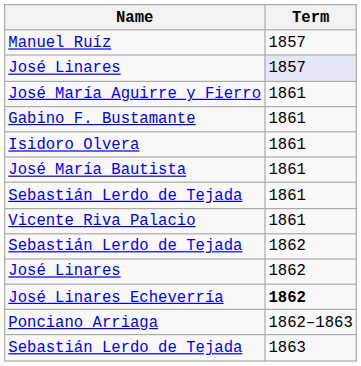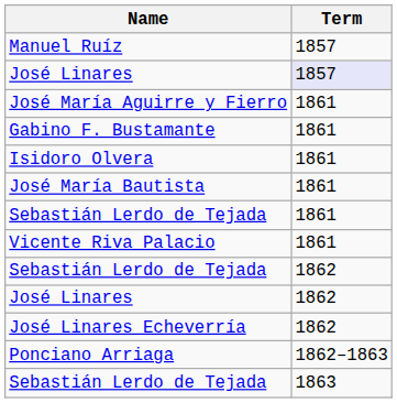 <table class="wikitable">
 <tr>
 <th>Name</th>
 <th>Term</th>
 </tr>
 <tr>
 <td><a href='#'>Manuel Ruíz</a></td>
 <td>1857</td>
 </tr>
 <tr>
 <td><a href='#'>José Linares</a></td>
 <td style="background: lavender;">1857</td>
 </tr>
 <tr>
 <td><a href='#'>José María Aguirre y Fierro</a></td>
 <td>1861</td>
 </tr>
 <tr>
 <td><a href='#'>Gabino F. Bustamante</a></td>
 <td>1861</td>
 </tr>
 <tr>
 <td><a href='#'>Isidoro Olvera</a></td>
 <td>1861</td>
 </tr>
 <tr>
 <td><a href='#'>José María Bautista</a></td>
 <td>1861</td>
 </tr>
 <tr>
 <td><a href='#'>Sebastián Lerdo de Tejada</a></td>
 <td>1861</td>
 </tr>
 <tr>
 <td><a href='#'>Vicente Riva Palacio</a></td>
 <td>1861</td>
 </tr>
 <tr>
 <td><a href='#'>Sebastián Lerdo de Tejada</a></td>
 <td>1862</td>
 </tr>
 <tr>
 <td><a href='#'>José Linares</a></td>
 <td>1862</td>
 </tr>
 <tr>
 <td><a href='#'>José Linares Echeverría</a></td>
-<td><strong>1862</strong></td>
+<td>1862</td>
 </tr>
 <tr>
 <td><a href='#'>Ponciano Arriaga</a></td>
 <td>1862–1863</td>
 </tr>
 <tr>
 <td><a href='#'>Sebastián Lerdo de Tejada</a></td>
 <td>1863</td>
 </tr>
 </table>
